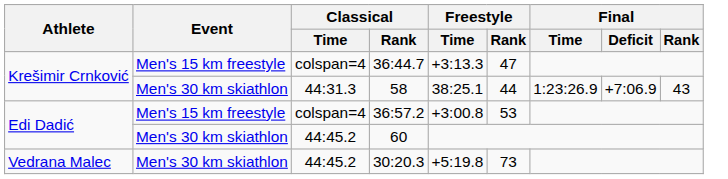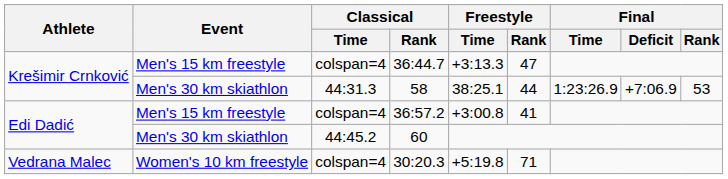 <table class="wikitable" style="font-size:90%">
 <tr>
 <th rowspan=2>Athlete</th>
 <th rowspan=2>Event</th>
 <th colspan=2>Classical</th>
 <th colspan=2>Freestyle</th>
 <th colspan=3>Final</th>
 </tr>
 <tr style="font-size: 95%">
 <th>Time</th>
 <th>Rank</th>
 <th>Time</th>
 <th>Rank</th>
 <th>Time</th>
 <th>Deficit</th>
 <th>Rank</th>
 </tr>
 <tr align=center>
 <td align=left rowspan=2><a href='#'>Krešimir Crnković</a></td>
 <td align=left><a href='#'>Men's 15 km freestyle</a></td>
 <td>colspan=4 </td>
 <td>36:44.7</td>
 <td>+3:13.3</td>
 <td>47</td>
 </tr>
 <tr align=center>
 <td align=left><a href='#'>Men's 30 km skiathlon</a></td>
 <td>44:31.3</td>
 <td>58</td>
 <td>38:25.1</td>
 <td>44</td>
 <td>1:23:26.9</td>
 <td>+7:06.9</td>
-<td>43</td>
+<td>53</td>
 </tr>
 <tr align=center>
 <td align=left rowspan=2><a href='#'>Edi Dadić</a></td>
 <td align=left><a href='#'>Men's 15 km freestyle</a></td>
 <td>colspan=4 </td>
 <td>36:57.2</td>
 <td>+3:00.8</td>
-<td>53</td>
+<td>41</td>
 </tr>
 <tr align=center>
 <td align=left><a href='#'>Men's 30 km skiathlon</a></td>
 <td>44:45.2</td>
 <td>60</td>
 <td colspan=5></td>
 </tr>
 <tr align=center>
 <td align=left><a href='#'>Vedrana Malec</a></td>
-<td align=left><a href='#'>Men's 30 km skiathlon</a></td>
-<td>44:45.2</td>
+<td align=left><a href='#'>Women's 10 km freestyle</a></td>
+<td>colspan=4 </td>
 <td>30:20.3</td>
 <td>+5:19.8</td>
-<td>73</td>
+<td>71</td>
 </tr>
 </table>
